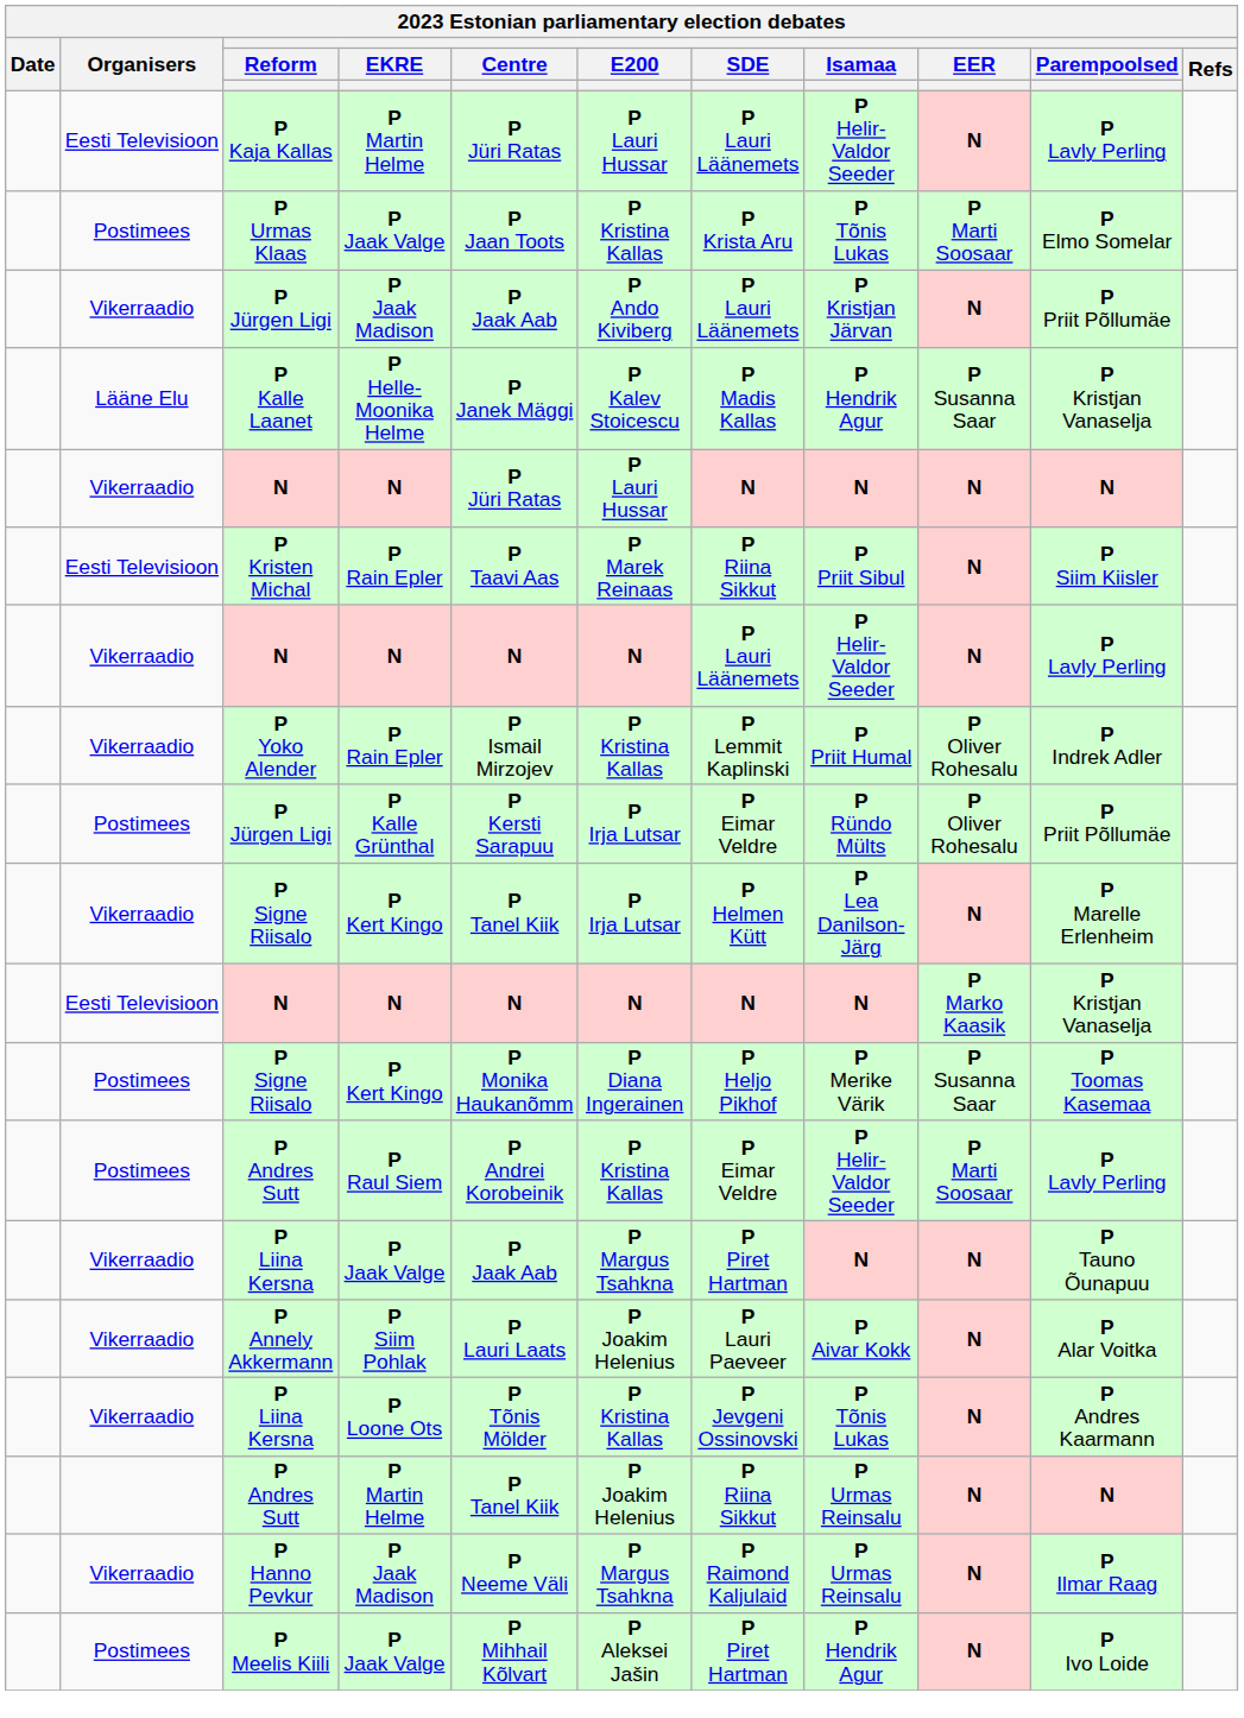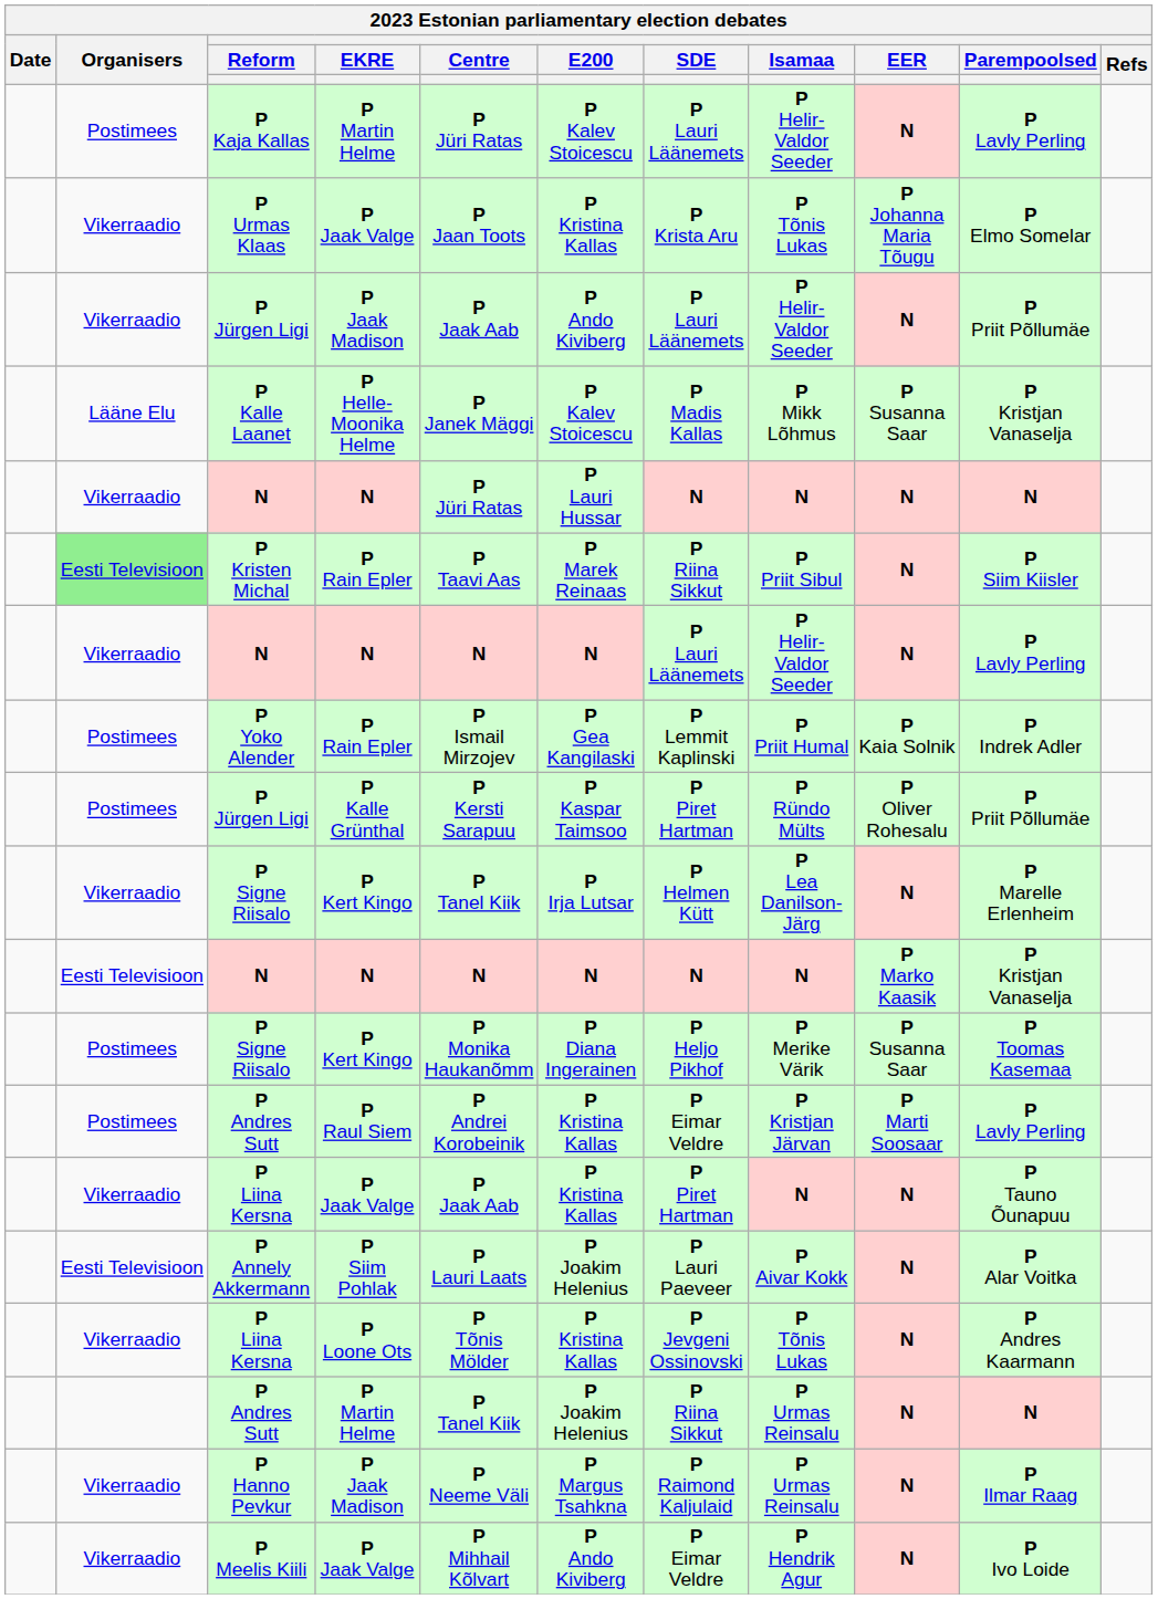 <table class="wikitable" style="font-size:85%; line-height:15px; text-align:center;">
 <tr>
 <th colspan="12">2023 Estonian parliamentary election debates</th>
 </tr>
 <tr>
 <th rowspan="3">Date</th>
 <th rowspan="3">Organisers</th>
 <th colspan="9">    </th>
 </tr>
 <tr>
 <th scope="col" style="width:5em"><a href='#'>Reform</a></th>
 <th scope="col" style="width:5em"><a href='#'>EKRE</a></th>
 <th scope="col" style="width:5em"><a href='#'>Centre</a></th>
 <th scope="col" style="width:5em"><a href='#'>E200</a></th>
 <th scope="col" style="width:5em"><a href='#'>SDE</a></th>
 <th scope="col" style="width:5em"><a href='#'>Isamaa</a></th>
 <th scope="col" style="width:5em"><a href='#'>EER</a></th>
 <th scope="col" style="width:5em"><a href='#'>Parempoolsed</a></th>
 <th rowspan="2">Refs</th>
 </tr>
 <tr>
 <th style="background:"></th>
 <th style="background:"></th>
 <th style="background:"></th>
 <th style="background:"></th>
 <th style="background:"></th>
 <th style="background:"></th>
 <th style="background:"></th>
 <th style="background:"></th>
 </tr>
 <tr>
 <td></td>
-<td><a href='#'>Eesti Televisioon</a></td>
+<td><a href='#'>Postimees</a></td>
 <td style="background:#D0FFD0"><strong>P</strong><br><a href='#'>Kaja Kallas</a></td>
 <td style="background:#D0FFD0"><strong>P</strong><br><a href='#'>Martin Helme</a></td>
 <td style="background:#D0FFD0"><strong>P</strong><br><a href='#'>Jüri Ratas</a></td>
-<td style="background:#D0FFD0"><strong>P</strong><br><a href='#'>Lauri Hussar</a></td>
+<td style="background:#D0FFD0"><strong>P</strong><br><a href='#'>Kalev Stoicescu</a></td>
 <td style="background:#D0FFD0"><strong>P</strong><br><a href='#'>Lauri Läänemets</a></td>
 <td style="background:#D0FFD0"><strong>P</strong><br><a href='#'>Helir-Valdor Seeder</a></td>
 <td style="background:#FFD0D0"><strong>N</strong></td>
 <td style="background:#D0FFD0"><strong>P</strong><br><a href='#'>Lavly Perling</a></td>
 <td></td>
 </tr>
 <tr>
 <td></td>
-<td><a href='#'>Postimees</a></td>
+<td><a href='#'>Vikerraadio</a></td>
 <td style="background:#D0FFD0"><strong>P</strong><br><a href='#'>Urmas Klaas</a></td>
 <td style="background:#D0FFD0"><strong>P</strong><br><a href='#'>Jaak Valge</a></td>
 <td style="background:#D0FFD0"><strong>P</strong><br><a href='#'>Jaan Toots</a></td>
 <td style="background:#D0FFD0"><strong>P</strong><br><a href='#'>Kristina Kallas</a></td>
 <td style="background:#D0FFD0"><strong>P</strong><br><a href='#'>Krista Aru</a></td>
 <td style="background:#D0FFD0"><strong>P</strong><br><a href='#'>Tõnis Lukas</a></td>
-<td style="background:#D0FFD0"><strong>P</strong><br><a href='#'>Marti Soosaar</a></td>
+<td style="background:#D0FFD0"><strong>P</strong><br><a href='#'>Johanna Maria Tõugu</a></td>
 <td style="background:#D0FFD0"><strong>P</strong><br>Elmo Somelar</td>
 <td></td>
 </tr>
 <tr>
 <td></td>
 <td><a href='#'>Vikerraadio</a></td>
 <td style="background:#D0FFD0"><strong>P</strong><br><a href='#'>Jürgen Ligi</a></td>
 <td style="background:#D0FFD0"><strong>P</strong><br><a href='#'>Jaak Madison</a></td>
 <td style="background:#D0FFD0"><strong>P</strong><br><a href='#'>Jaak Aab</a></td>
 <td style="background:#D0FFD0"><strong>P</strong><br><a href='#'>Ando Kiviberg</a></td>
 <td style="background:#D0FFD0"><strong>P</strong><br><a href='#'>Lauri Läänemets</a></td>
-<td style="background:#D0FFD0"><strong>P</strong><br><a href='#'>Kristjan Järvan</a></td>
+<td style="background:#D0FFD0"><strong>P</strong><br><a href='#'>Helir-Valdor Seeder</a></td>
 <td style="background:#FFD0D0"><strong>N</strong></td>
 <td style="background:#D0FFD0"><strong>P</strong><br>Priit Põllumäe</td>
 <td></td>
 </tr>
 <tr>
 <td></td>
 <td><a href='#'>Lääne Elu</a></td>
 <td style="background:#D0FFD0"><strong>P</strong><br><a href='#'>Kalle Laanet</a></td>
 <td style="background:#D0FFD0"><strong>P</strong><br><a href='#'>Helle-Moonika Helme</a></td>
 <td style="background:#D0FFD0"><strong>P</strong><br><a href='#'>Janek Mäggi</a></td>
 <td style="background:#D0FFD0"><strong>P</strong><br><a href='#'>Kalev Stoicescu</a></td>
 <td style="background:#D0FFD0"><strong>P</strong><br><a href='#'>Madis Kallas</a></td>
-<td style="background:#D0FFD0"><strong>P</strong><br><a href='#'>Hendrik Agur</a></td>
+<td style="background:#D0FFD0"><strong>P</strong><br>Mikk Lõhmus</td>
 <td style="background:#D0FFD0"><strong>P</strong><br>Susanna Saar</td>
 <td style="background:#D0FFD0"><strong>P</strong><br>Kristjan Vanaselja</td>
 <td></td>
 </tr>
 <tr>
 <td></td>
 <td><a href='#'>Vikerraadio</a></td>
 <td style="background:#FFD0D0"><strong>N</strong></td>
 <td style="background:#FFD0D0"><strong>N</strong></td>
 <td style="background:#D0FFD0"><strong>P</strong><br><a href='#'>Jüri Ratas</a></td>
 <td style="background:#D0FFD0"><strong>P</strong><br><a href='#'>Lauri Hussar</a></td>
 <td style="background:#FFD0D0"><strong>N</strong></td>
 <td style="background:#FFD0D0"><strong>N</strong></td>
 <td style="background:#FFD0D0"><strong>N</strong></td>
 <td style="background:#FFD0D0"><strong>N</strong></td>
 <td></td>
 </tr>
 <tr>
 <td></td>
-<td><a href='#'>Eesti Televisioon</a></td>
+<td style="background: lightgreen;"><a href='#'>Eesti Televisioon</a></td>
 <td style="background:#D0FFD0"><strong>P</strong><br><a href='#'>Kristen Michal</a></td>
 <td style="background:#D0FFD0"><strong>P</strong><br><a href='#'>Rain Epler</a></td>
 <td style="background:#D0FFD0"><strong>P</strong><br><a href='#'>Taavi Aas</a></td>
 <td style="background:#D0FFD0"><strong>P</strong><br><a href='#'>Marek Reinaas</a></td>
 <td style="background:#D0FFD0"><strong>P</strong><br><a href='#'>Riina Sikkut</a></td>
 <td style="background:#D0FFD0"><strong>P</strong><br><a href='#'>Priit Sibul</a></td>
 <td style="background:#FFD0D0"><strong>N</strong></td>
 <td style="background:#D0FFD0"><strong>P</strong><br><a href='#'>Siim Kiisler</a></td>
 <td></td>
 </tr>
 <tr>
 <td></td>
 <td><a href='#'>Vikerraadio</a></td>
 <td style="background:#FFD0D0"><strong>N</strong></td>
 <td style="background:#FFD0D0"><strong>N</strong></td>
 <td style="background:#FFD0D0"><strong>N</strong></td>
 <td style="background:#FFD0D0"><strong>N</strong></td>
 <td style="background:#D0FFD0"><strong>P</strong><br><a href='#'>Lauri Läänemets</a></td>
 <td style="background:#D0FFD0"><strong>P</strong><br><a href='#'>Helir-Valdor Seeder</a></td>
 <td style="background:#FFD0D0"><strong>N</strong></td>
 <td style="background:#D0FFD0"><strong>P</strong><br><a href='#'>Lavly Perling</a></td>
 <td></td>
 </tr>
 <tr>
 <td></td>
-<td><a href='#'>Vikerraadio</a></td>
+<td><a href='#'>Postimees</a></td>
 <td style="background:#D0FFD0"><strong>P</strong><br><a href='#'>Yoko Alender</a></td>
 <td style="background:#D0FFD0"><strong>P</strong><br><a href='#'>Rain Epler</a></td>
 <td style="background:#D0FFD0"><strong>P</strong><br>Ismail Mirzojev</td>
-<td style="background:#D0FFD0"><strong>P</strong><br><a href='#'>Kristina Kallas</a></td>
+<td style="background:#D0FFD0"><strong>P</strong><br><a href='#'>Gea Kangilaski</a></td>
 <td style="background:#D0FFD0"><strong>P</strong><br>Lemmit Kaplinski</td>
 <td style="background:#D0FFD0"><strong>P</strong><br><a href='#'>Priit Humal</a></td>
-<td style="background:#D0FFD0"><strong>P</strong><br>Oliver Rohesalu</td>
+<td style="background:#D0FFD0"><strong>P</strong><br>Kaia Solnik</td>
 <td style="background:#D0FFD0"><strong>P</strong><br>Indrek Adler</td>
 <td></td>
 </tr>
 <tr>
 <td></td>
 <td><a href='#'>Postimees</a></td>
 <td style="background:#D0FFD0"><strong>P</strong><br><a href='#'>Jürgen Ligi</a></td>
 <td style="background:#D0FFD0"><strong>P</strong><br><a href='#'>Kalle Grünthal</a></td>
 <td style="background:#D0FFD0"><strong>P</strong><br><a href='#'>Kersti Sarapuu</a></td>
-<td style="background:#D0FFD0"><strong>P</strong><br><a href='#'>Irja Lutsar</a></td>
-<td style="background:#D0FFD0"><strong>P</strong><br>Eimar Veldre</td>
+<td style="background:#D0FFD0"><strong>P</strong><br><a href='#'>Kaspar Taimsoo</a></td>
+<td style="background:#D0FFD0"><strong>P</strong><br><a href='#'>Piret Hartman</a></td>
 <td style="background:#D0FFD0"><strong>P</strong><br><a href='#'>Ründo Mülts</a></td>
 <td style="background:#D0FFD0"><strong>P</strong><br>Oliver Rohesalu</td>
 <td style="background:#D0FFD0"><strong>P</strong><br>Priit Põllumäe</td>
 <td></td>
 </tr>
 <tr>
 <td></td>
 <td><a href='#'>Vikerraadio</a></td>
 <td style="background:#D0FFD0"><strong>P</strong><br><a href='#'>Signe Riisalo</a></td>
 <td style="background:#D0FFD0"><strong>P</strong><br><a href='#'>Kert Kingo</a></td>
 <td style="background:#D0FFD0"><strong>P</strong><br><a href='#'>Tanel Kiik</a></td>
 <td style="background:#D0FFD0"><strong>P</strong><br><a href='#'>Irja Lutsar</a></td>
 <td style="background:#D0FFD0"><strong>P</strong><br><a href='#'>Helmen Kütt</a></td>
 <td style="background:#D0FFD0"><strong>P</strong><br><a href='#'>Lea Danilson-Järg</a></td>
 <td style="background:#FFD0D0"><strong>N</strong></td>
 <td style="background:#D0FFD0"><strong>P</strong><br>Marelle Erlenheim</td>
 <td></td>
 </tr>
 <tr>
 <td></td>
 <td><a href='#'>Eesti Televisioon</a></td>
 <td style="background:#FFD0D0"><strong>N</strong></td>
 <td style="background:#FFD0D0"><strong>N</strong></td>
 <td style="background:#FFD0D0"><strong>N</strong></td>
 <td style="background:#FFD0D0"><strong>N</strong></td>
 <td style="background:#FFD0D0"><strong>N</strong></td>
 <td style="background:#FFD0D0"><strong>N</strong></td>
 <td style="background:#D0FFD0"><strong>P</strong><br><a href='#'>Marko Kaasik</a></td>
 <td style="background:#D0FFD0"><strong>P</strong><br>Kristjan Vanaselja</td>
 <td></td>
 </tr>
 <tr>
 <td></td>
 <td><a href='#'>Postimees</a></td>
 <td style="background:#D0FFD0"><strong>P</strong><br><a href='#'>Signe Riisalo</a></td>
 <td style="background:#D0FFD0"><strong>P</strong><br><a href='#'>Kert Kingo</a></td>
 <td style="background:#D0FFD0"><strong>P</strong><br><a href='#'>Monika Haukanõmm</a></td>
 <td style="background:#D0FFD0"><strong>P</strong><br><a href='#'>Diana Ingerainen</a></td>
 <td style="background:#D0FFD0"><strong>P</strong><br><a href='#'>Heljo Pikhof</a></td>
 <td style="background:#D0FFD0"><strong>P</strong><br>Merike Värik</td>
 <td style="background:#D0FFD0"><strong>P</strong><br>Susanna Saar</td>
 <td style="background:#D0FFD0"><strong>P</strong><br><a href='#'>Toomas Kasemaa</a></td>
 <td></td>
 </tr>
 <tr>
 <td></td>
 <td><a href='#'>Postimees</a></td>
 <td style="background:#D0FFD0"><strong>P</strong><br><a href='#'>Andres Sutt</a></td>
 <td style="background:#D0FFD0"><strong>P</strong><br><a href='#'>Raul Siem</a></td>
 <td style="background:#D0FFD0"><strong>P</strong><br><a href='#'>Andrei Korobeinik</a></td>
 <td style="background:#D0FFD0"><strong>P</strong><br><a href='#'>Kristina Kallas</a></td>
 <td style="background:#D0FFD0"><strong>P</strong><br>Eimar Veldre</td>
-<td style="background:#D0FFD0"><strong>P</strong><br><a href='#'>Helir-Valdor Seeder</a></td>
+<td style="background:#D0FFD0"><strong>P</strong><br><a href='#'>Kristjan Järvan</a></td>
 <td style="background:#D0FFD0"><strong>P</strong><br><a href='#'>Marti Soosaar</a></td>
 <td style="background:#D0FFD0"><strong>P</strong><br><a href='#'>Lavly Perling</a></td>
 <td></td>
 </tr>
 <tr>
 <td></td>
 <td><a href='#'>Vikerraadio</a></td>
 <td style="background:#D0FFD0"><strong>P</strong><br><a href='#'>Liina Kersna</a></td>
 <td style="background:#D0FFD0"><strong>P</strong><br><a href='#'>Jaak Valge</a></td>
 <td style="background:#D0FFD0"><strong>P</strong><br><a href='#'>Jaak Aab</a></td>
-<td style="background:#D0FFD0"><strong>P</strong><br><a href='#'>Margus Tsahkna</a></td>
+<td style="background:#D0FFD0"><strong>P</strong><br><a href='#'>Kristina Kallas</a></td>
 <td style="background:#D0FFD0"><strong>P</strong><br><a href='#'>Piret Hartman</a></td>
 <td style="background:#FFD0D0"><strong>N</strong></td>
 <td style="background:#FFD0D0"><strong>N</strong></td>
 <td style="background:#D0FFD0"><strong>P</strong><br>Tauno Õunapuu</td>
 <td></td>
 </tr>
 <tr>
 <td></td>
-<td><a href='#'>Vikerraadio</a></td>
+<td><a href='#'>Eesti Televisioon</a></td>
 <td style="background:#D0FFD0"><strong>P</strong><br><a href='#'>Annely Akkermann</a></td>
 <td style="background:#D0FFD0"><strong>P</strong><br><a href='#'>Siim Pohlak</a></td>
 <td style="background:#D0FFD0"><strong>P</strong><br><a href='#'>Lauri Laats</a></td>
 <td style="background:#D0FFD0"><strong>P</strong><br>Joakim Helenius</td>
 <td style="background:#D0FFD0"><strong>P</strong><br>Lauri Paeveer</td>
 <td style="background:#D0FFD0"><strong>P</strong><br><a href='#'>Aivar Kokk</a></td>
 <td style="background:#FFD0D0"><strong>N</strong></td>
 <td style="background:#D0FFD0"><strong>P</strong><br>Alar Voitka</td>
 <td></td>
 </tr>
 <tr>
 <td></td>
 <td><a href='#'>Vikerraadio</a></td>
 <td style="background:#D0FFD0"><strong>P</strong><br><a href='#'>Liina Kersna</a></td>
 <td style="background:#D0FFD0"><strong>P</strong><br><a href='#'>Loone Ots</a></td>
 <td style="background:#D0FFD0"><strong>P</strong><br><a href='#'>Tõnis Mölder</a></td>
 <td style="background:#D0FFD0"><strong>P</strong><br><a href='#'>Kristina Kallas</a></td>
 <td style="background:#D0FFD0"><strong>P</strong><br><a href='#'>Jevgeni Ossinovski</a></td>
 <td style="background:#D0FFD0"><strong>P</strong><br><a href='#'>Tõnis Lukas</a></td>
 <td style="background:#FFD0D0"><strong>N</strong></td>
 <td style="background:#D0FFD0"><strong>P</strong><br>Andres Kaarmann</td>
 <td></td>
 </tr>
 <tr>
 <td></td>
 <td><br></td>
 <td style="background:#D0FFD0"><strong>P</strong><br><a href='#'>Andres Sutt</a></td>
 <td style="background:#D0FFD0"><strong>P</strong><br><a href='#'>Martin Helme</a></td>
 <td style="background:#D0FFD0"><strong>P</strong><br><a href='#'>Tanel Kiik</a></td>
 <td style="background:#D0FFD0"><strong>P</strong><br>Joakim Helenius</td>
 <td style="background:#D0FFD0"><strong>P</strong><br><a href='#'>Riina Sikkut</a></td>
 <td style="background:#D0FFD0"><strong>P</strong><br><a href='#'>Urmas Reinsalu</a></td>
 <td style="background:#FFD0D0"><strong>N</strong></td>
 <td style="background:#FFD0D0"><strong>N</strong></td>
 <td></td>
 </tr>
 <tr>
 <td></td>
 <td><a href='#'>Vikerraadio</a></td>
 <td style="background:#D0FFD0"><strong>P</strong><br><a href='#'>Hanno Pevkur</a></td>
 <td style="background:#D0FFD0"><strong>P</strong><br><a href='#'>Jaak Madison</a></td>
 <td style="background:#D0FFD0"><strong>P</strong><br><a href='#'>Neeme Väli</a></td>
 <td style="background:#D0FFD0"><strong>P</strong><br><a href='#'>Margus Tsahkna</a></td>
 <td style="background:#D0FFD0"><strong>P</strong><br><a href='#'>Raimond Kaljulaid</a></td>
 <td style="background:#D0FFD0"><strong>P</strong><br><a href='#'>Urmas Reinsalu</a></td>
 <td style="background:#FFD0D0"><strong>N</strong></td>
 <td style="background:#D0FFD0"><strong>P</strong><br><a href='#'>Ilmar Raag</a></td>
 <td></td>
 </tr>
 <tr>
 <td></td>
-<td><a href='#'>Postimees</a></td>
+<td><a href='#'>Vikerraadio</a></td>
 <td style="background:#D0FFD0"><strong>P</strong><br><a href='#'>Meelis Kiili</a></td>
 <td style="background:#D0FFD0"><strong>P</strong><br><a href='#'>Jaak Valge</a></td>
 <td style="background:#D0FFD0"><strong>P</strong><br><a href='#'>Mihhail Kõlvart</a></td>
-<td style="background:#D0FFD0"><strong>P</strong><br>Aleksei Jašin</td>
-<td style="background:#D0FFD0"><strong>P</strong><br><a href='#'>Piret Hartman</a></td>
+<td style="background:#D0FFD0"><strong>P</strong><br><a href='#'>Ando Kiviberg</a></td>
+<td style="background:#D0FFD0"><strong>P</strong><br>Eimar Veldre</td>
 <td style="background:#D0FFD0"><strong>P</strong><br><a href='#'>Hendrik Agur</a></td>
 <td style="background:#FFD0D0"><strong>N</strong></td>
 <td style="background:#D0FFD0"><strong>P</strong><br>Ivo Loide</td>
 <td></td>
 </tr>
 </table>
